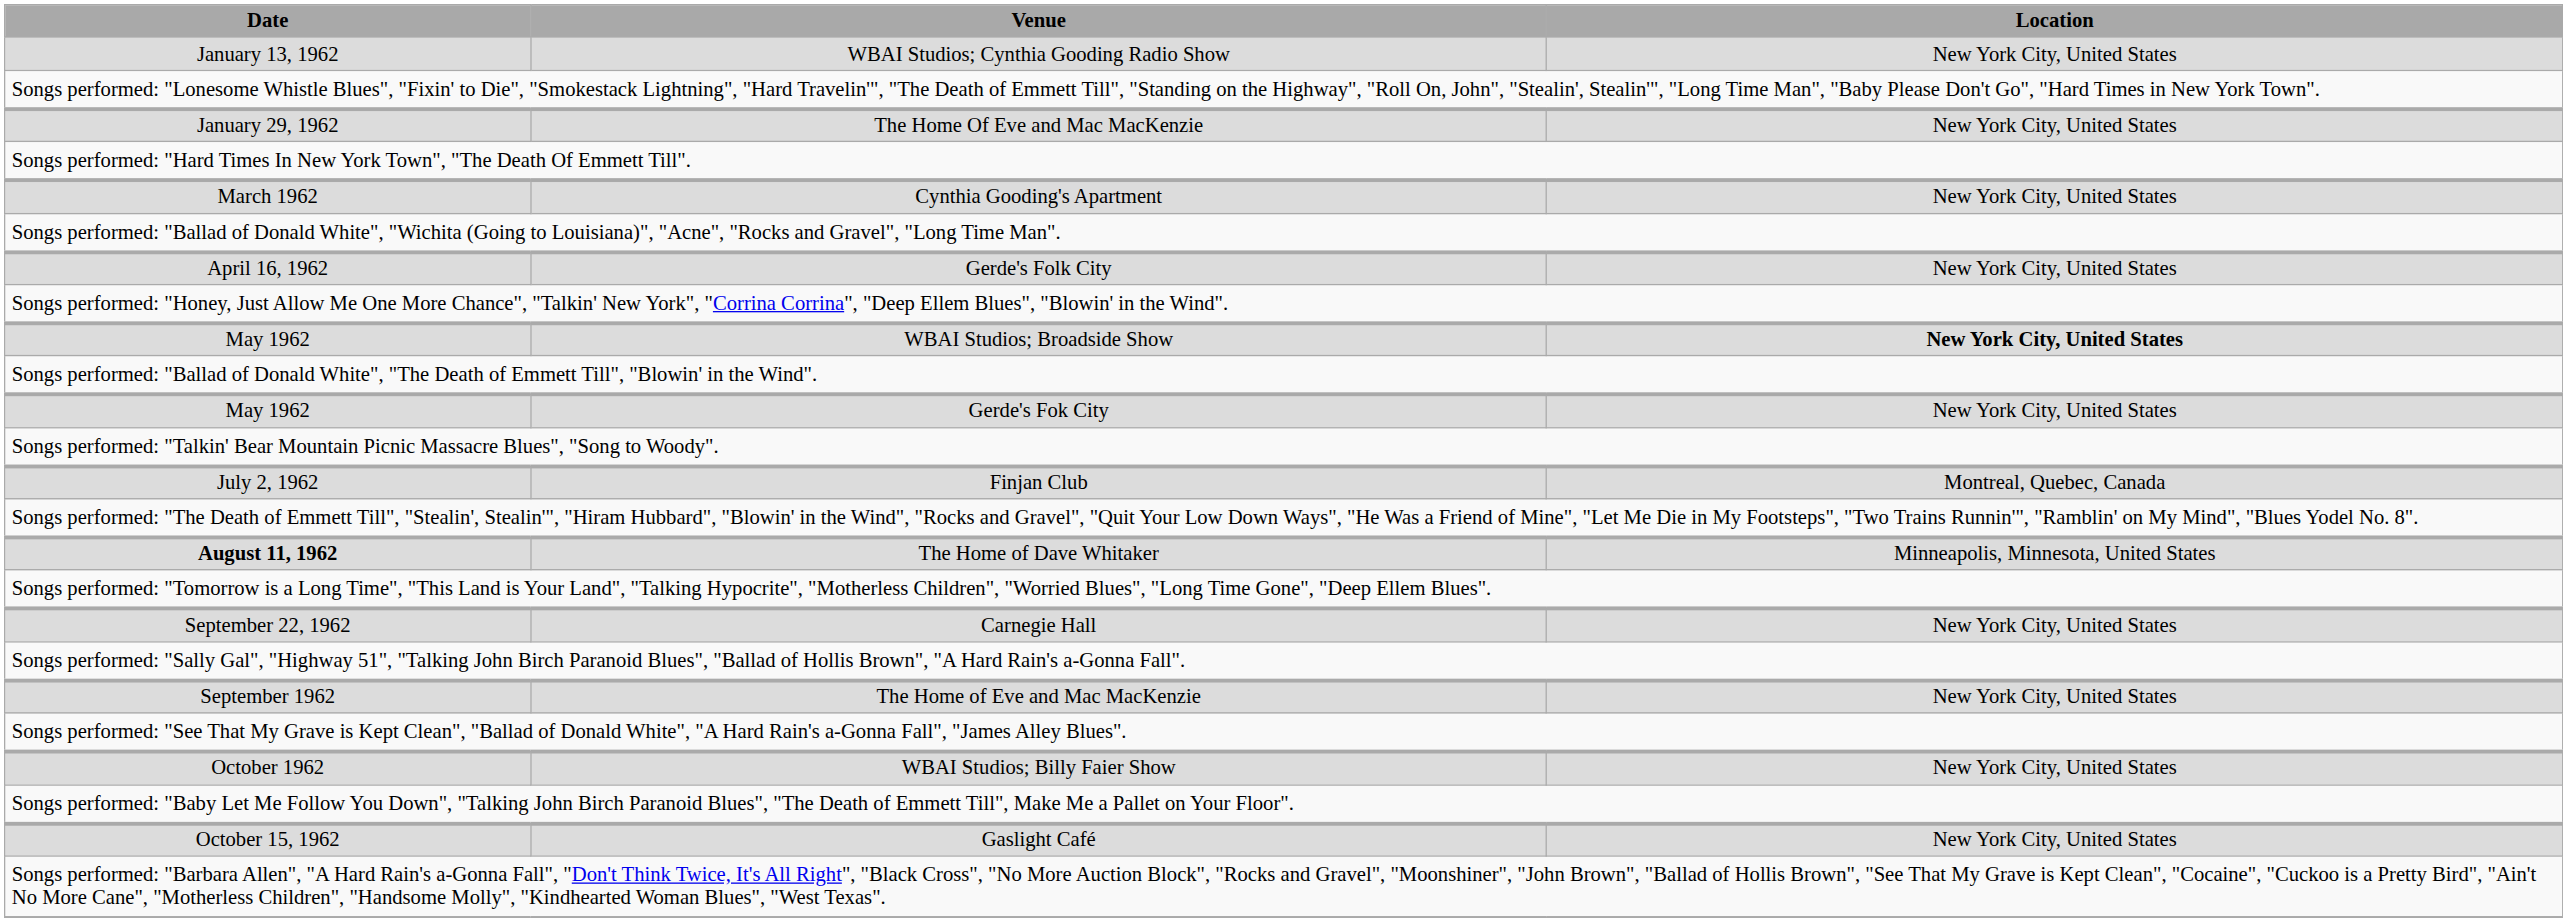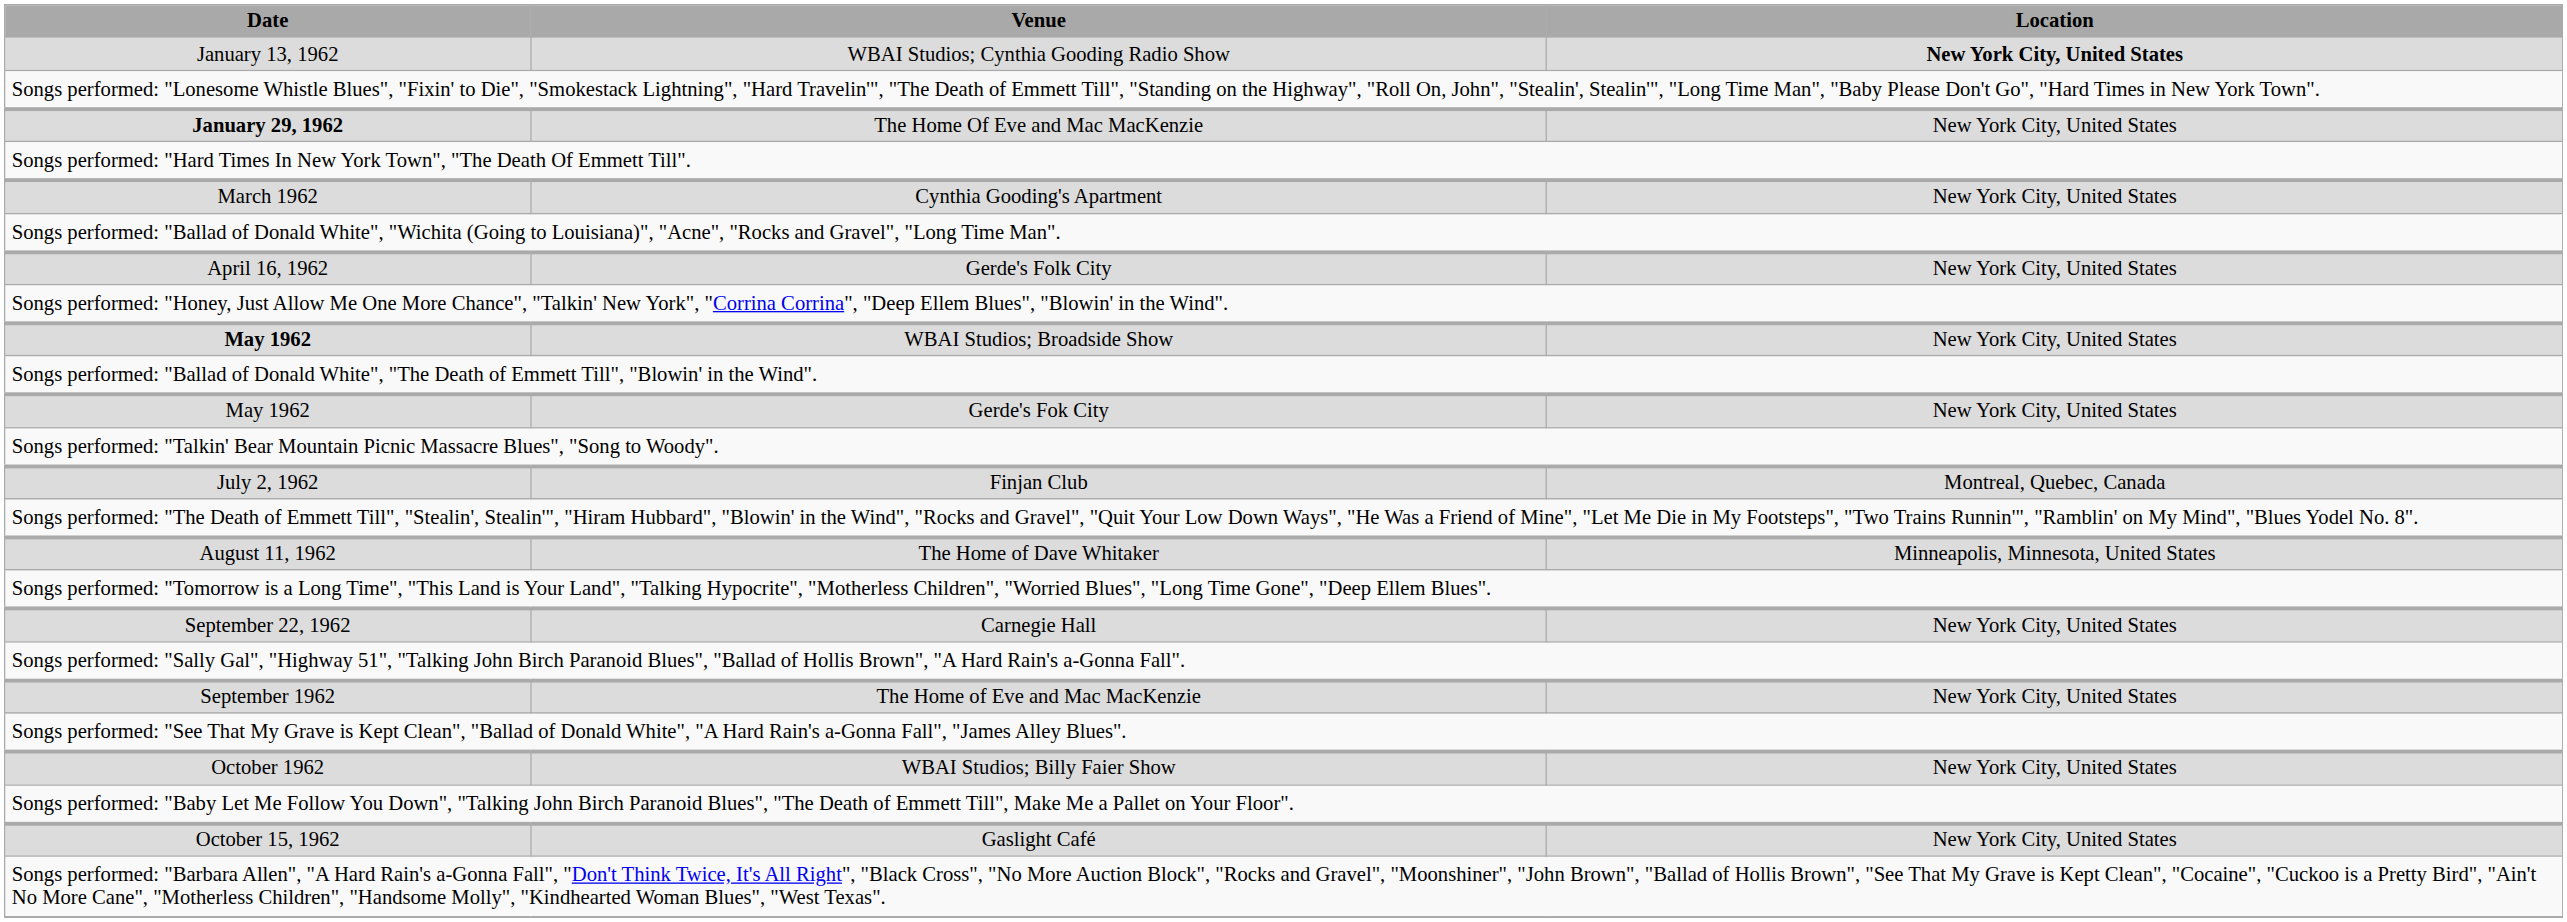 <table class="wikitable" style="width:100%; text-align:center;">
 <tr>
 <th style="width:100px; background:darkGrey;">Date</th>
 <th style="width:200px; background:darkGrey;">Venue</th>
 <th style="width:200px; background:darkGrey;">Location</th>
 </tr>
 <tr style="background:#DCDCDC;">
 <td>January 13, 1962</td>
 <td>WBAI Studios; Cynthia Gooding Radio Show</td>
-<td>New York City, United States</td>
+<td><strong>New York City, United States</strong></td>
 </tr>
 <tr>
 <td colspan="5" style="border-bottom-width:3px; padding:5px; text-align:left;">Songs performed: "Lonesome Whistle Blues", "Fixin' to Die", "Smokestack Lightning", "Hard Travelin'", "The Death of Emmett Till", "Standing on the Highway", "Roll On, John", "Stealin', Stealin'", "Long Time Man", "Baby Please Don't Go", "Hard Times in New York Town".</td>
 </tr>
 <tr>
 </tr>
 <tr style="background:#DCDCDC;">
-<td>January 29, 1962</td>
+<td><strong>January 29, 1962</strong></td>
 <td>The Home Of Eve and Mac MacKenzie</td>
 <td>New York City, United States</td>
 </tr>
 <tr>
 <td colspan="5" style="border-bottom-width:3px; padding:5px; text-align:left;">Songs performed: "Hard Times In New York Town", "The Death Of Emmett Till".</td>
 </tr>
 <tr>
 </tr>
 <tr style="background:#DCDCDC;">
 <td>March 1962</td>
 <td>Cynthia Gooding's Apartment</td>
 <td>New York City, United States</td>
 </tr>
 <tr>
 <td colspan="5" style="border-bottom-width:3px; padding:5px; text-align:left;">Songs performed: "Ballad of Donald White", "Wichita (Going to Louisiana)", "Acne", "Rocks and Gravel", "Long Time Man".</td>
 </tr>
 <tr>
 </tr>
 <tr style="background:#DCDCDC;">
 <td>April 16, 1962</td>
 <td>Gerde's Folk City</td>
 <td>New York City, United States</td>
 </tr>
 <tr>
 <td colspan="5" style="border-bottom-width:3px; padding:5px; text-align:left;">Songs performed: "Honey, Just Allow Me One More Chance", "Talkin' New York", "<a href='#'>Corrina Corrina</a>", "Deep Ellem Blues", "Blowin' in the Wind".</td>
 </tr>
 <tr>
 </tr>
 <tr style="background:#DCDCDC;">
-<td>May 1962</td>
+<td><strong>May 1962</strong></td>
 <td>WBAI Studios; Broadside Show</td>
-<td><strong>New York City, United States</strong></td>
+<td>New York City, United States</td>
 </tr>
 <tr>
 <td colspan="5" style="border-bottom-width:3px; padding:5px; text-align:left;">Songs performed: "Ballad of Donald White", "The Death of Emmett Till", "Blowin' in the Wind".</td>
 </tr>
 <tr>
 </tr>
 <tr style="background:#DCDCDC;">
 <td>May 1962</td>
 <td>Gerde's Fok City</td>
 <td>New York City, United States</td>
 </tr>
 <tr>
 <td colspan="5" style="border-bottom-width:3px; padding:5px; text-align:left;">Songs performed: "Talkin' Bear Mountain Picnic Massacre Blues", "Song to Woody".</td>
 </tr>
 <tr>
 </tr>
 <tr style="background:#DCDCDC;">
 <td>July 2, 1962</td>
 <td>Finjan Club</td>
 <td>Montreal, Quebec, Canada</td>
 </tr>
 <tr>
 <td colspan="5" style="border-bottom-width:3px; padding:5px; text-align:left;">Songs performed: "The Death of Emmett Till", "Stealin', Stealin'", "Hiram Hubbard", "Blowin' in the Wind", "Rocks and Gravel", "Quit Your Low Down Ways", "He Was a Friend of Mine", "Let Me Die in My Footsteps", "Two Trains Runnin'", "Ramblin' on My Mind", "Blues Yodel No. 8".</td>
 </tr>
 <tr>
 </tr>
 <tr style="background:#DCDCDC;">
-<td><strong>August 11, 1962</strong></td>
+<td>August 11, 1962</td>
 <td>The Home of Dave Whitaker</td>
 <td>Minneapolis, Minnesota, United States</td>
 </tr>
 <tr>
 <td colspan="5" style="border-bottom-width:3px; padding:5px; text-align:left;">Songs performed: "Tomorrow is a Long Time", "This Land is Your Land", "Talking Hypocrite", "Motherless Children", "Worried Blues", "Long Time Gone", "Deep Ellem Blues".</td>
 </tr>
 <tr>
 </tr>
 <tr style="background:#DCDCDC;">
 <td>September 22, 1962</td>
 <td>Carnegie Hall</td>
 <td>New York City, United States</td>
 </tr>
 <tr>
 <td colspan="5" style="border-bottom-width:3px; padding:5px; text-align:left;">Songs performed: "Sally Gal", "Highway 51", "Talking John Birch Paranoid Blues", "Ballad of Hollis Brown", "A Hard Rain's a-Gonna Fall".</td>
 </tr>
 <tr>
 </tr>
 <tr style="background:#DCDCDC;">
 <td>September 1962</td>
 <td>The Home of Eve and Mac MacKenzie</td>
 <td>New York City, United States</td>
 </tr>
 <tr>
 <td colspan="5" style="border-bottom-width:3px; padding:5px; text-align:left;">Songs performed: "See That My Grave is Kept Clean", "Ballad of Donald White", "A Hard Rain's a-Gonna Fall", "James Alley Blues".</td>
 </tr>
 <tr>
 </tr>
 <tr style="background:#DCDCDC;">
 <td>October 1962</td>
 <td>WBAI Studios; Billy Faier Show</td>
 <td>New York City, United States</td>
 </tr>
 <tr>
 <td colspan="5" style="border-bottom-width:3px; padding:5px; text-align:left;">Songs performed: "Baby Let Me Follow You Down", "Talking John Birch Paranoid Blues", "The Death of Emmett Till", Make Me a Pallet on Your Floor".</td>
 </tr>
 <tr>
 </tr>
 <tr style="background:#DCDCDC;">
 <td>October 15, 1962</td>
 <td>Gaslight Café</td>
 <td>New York City, United States</td>
 </tr>
 <tr>
 <td colspan="5" style="border-bottom-width:3px; padding:5px; text-align:left;">Songs performed: "Barbara Allen", "A Hard Rain's a-Gonna Fall", "<a href='#'>Don't Think Twice, It's All Right</a>", "Black Cross", "No More Auction Block", "Rocks and Gravel", "Moonshiner", "John Brown", "Ballad of Hollis Brown", "See That My Grave is Kept Clean", "Cocaine", "Cuckoo is a Pretty Bird", "Ain't No More Cane", "Motherless Children", "Handsome Molly", "Kindhearted Woman Blues", "West Texas".</td>
 </tr>
 <tr>
 </tr>
 </table>
